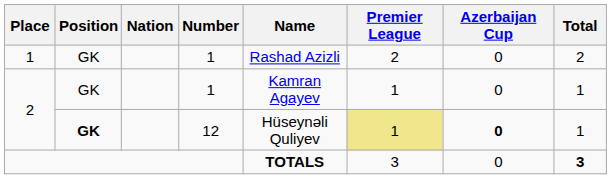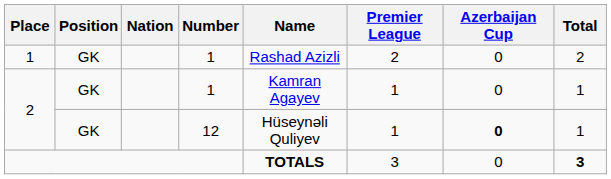 <table class="wikitable" style="font-size: 95%; text-align: center;">
 <tr>
 <th width=60>Place</th>
 <th width=60>Position</th>
 <th width=60>Nation</th>
 <th width=60>Number</th>
 <th width=200>Name</th>
 <th width=200><a href='#'>Premier League</a></th>
 <th width=200><a href='#'>Azerbaijan Cup</a></th>
 <th width=80><strong>Total</strong></th>
 </tr>
 <tr>
 <td>1</td>
 <td>GK</td>
 <td></td>
 <td>1</td>
 <td><a href='#'>Rashad Azizli</a></td>
 <td>2</td>
 <td>0</td>
 <td>2</td>
 </tr>
 <tr>
 <td rowspan="2">2</td>
 <td>GK</td>
 <td></td>
 <td>1</td>
 <td><a href='#'>Kamran Agayev</a></td>
 <td>1</td>
 <td>0</td>
 <td>1</td>
 </tr>
 <tr>
-<td><strong>GK</strong></td>
+<td>GK</td>
 <td></td>
 <td>12</td>
 <td>Hüseynəli Quliyev</td>
-<td style="background: khaki;">1</td>
+<td>1</td>
 <td><strong>0</strong></td>
 <td>1</td>
 </tr>
 <tr>
 <td colspan="4"></td>
 <td><strong>TOTALS</strong></td>
 <td>3</td>
 <td>0</td>
 <td><strong>3</strong></td>
 </tr>
 </table>
